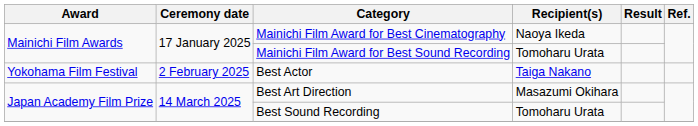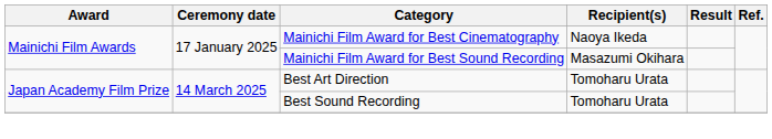 <table class="wikitable">
 <tr>
 <th scope="col">Award</th>
 <th scope="col">Ceremony date</th>
 <th scope="col">Category</th>
 <th scope="col">Recipient(s)</th>
 <th scope="col">Result</th>
 <th scope="col">Ref.</th>
 </tr>
 <tr>
 <td rowspan=2><a href='#'>Mainichi Film Awards</a></td>
 <td rowspan=2>17 January 2025</td>
 <td><a href='#'>Mainichi Film Award for Best Cinematography</a></td>
 <td>Naoya Ikeda</td>
 <td></td>
 <td style="text-align:center" rowspan=2></td>
 </tr>
 <tr>
 <td><a href='#'>Mainichi Film Award for Best Sound Recording</a></td>
-<td>Tomoharu Urata</td>
+<td>Masazumi Okihara</td>
 <td></td>
-</tr>
-<tr>
-<td><a href='#'>Yokohama Film Festival</a></td>
-<td><a href='#'>2 February 2025</a></td>
-<td>Best Actor</td>
-<td><a href='#'>Taiga Nakano</a></td>
-<td></td>
-<td style="text-align:center"></td>
 </tr>
 <tr>
 <td rowspan=2><a href='#'>Japan Academy Film Prize</a></td>
 <td rowspan=2><a href='#'>14 March 2025</a></td>
 <td>Best Art Direction</td>
-<td>Masazumi Okihara</td>
+<td>Tomoharu Urata</td>
 <td></td>
 <td style="text-align:center" rowspan=2></td>
 </tr>
 <tr>
 <td>Best Sound Recording</td>
 <td>Tomoharu Urata</td>
 <td></td>
 </tr>
 <tr>
 </tr>
 </table>
